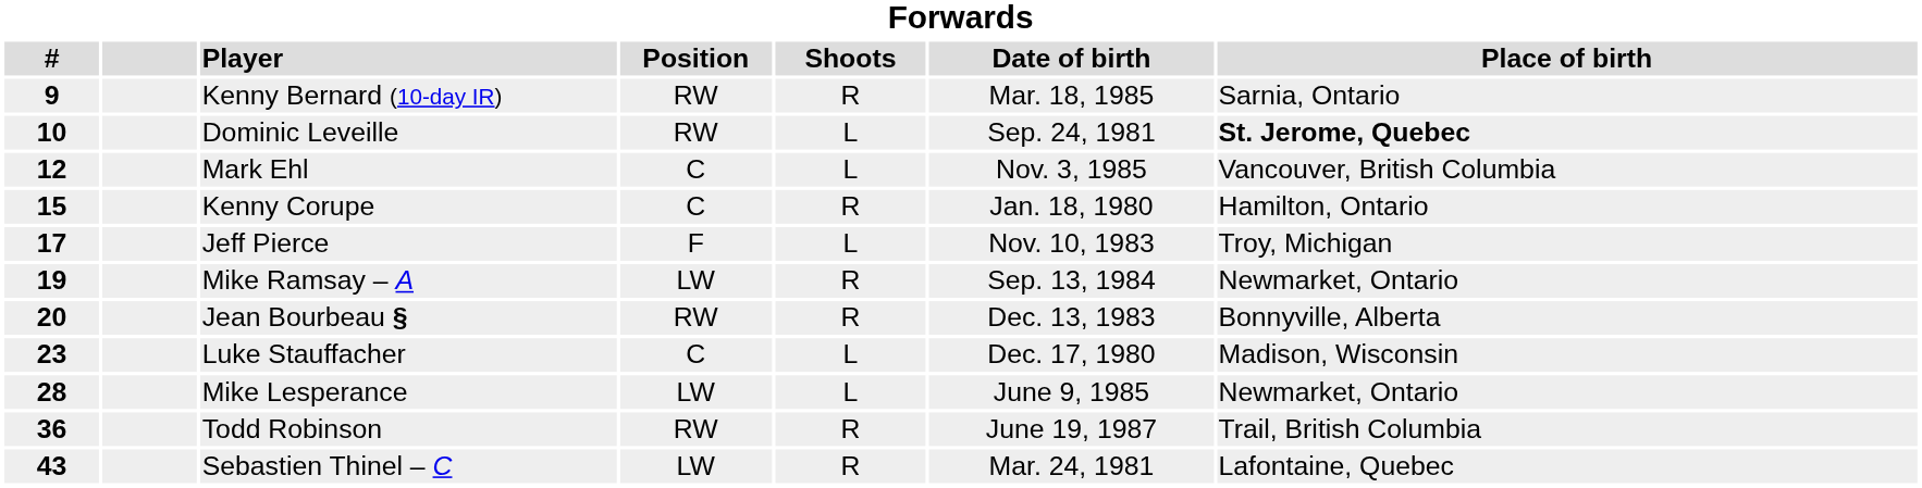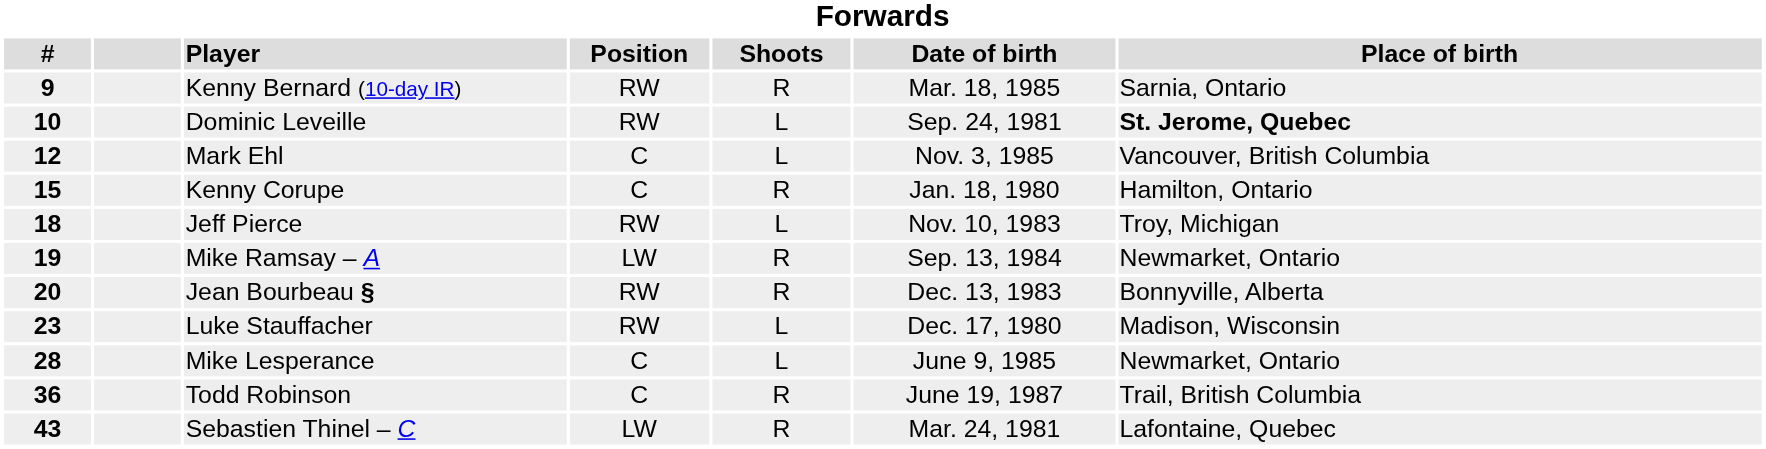 <table width=90%>
 <tr>
 <th colspan=7><div><big>Forwards</big></div></th>
 </tr>
 <tr bgcolor="#dddddd">
 <th width=5%>#</th>
 <th width=5%></th>
 <td align=left!!width=15%><strong>Player</strong></td>
 <th width=8%>Position</th>
 <th width=8%>Shoots</th>
 <th width=15%>Date of birth</th>
 <th width=37%>Place of birth<br> </th>
 </tr>
 <tr bgcolor="#eeeeee">
 <td align=center><strong>9</strong></td>
 <td align=center></td>
 <td>Kenny Bernard   <small>(<a href='#'>10-day IR</a>)</small></td>
 <td align=center>RW</td>
 <td align=center>R</td>
 <td align=center>Mar. 18, 1985</td>
 <td>Sarnia, Ontario<br></td>
 </tr>
 <tr bgcolor="#eeeeee">
 <td align=center><strong>10</strong></td>
 <td align=center></td>
 <td>Dominic Leveille</td>
 <td align=center>RW</td>
 <td align=center>L</td>
 <td align=center>Sep. 24, 1981</td>
 <td><strong>St. Jerome, Quebec<br></strong></td>
 </tr>
 <tr bgcolor="#eeeeee">
 <td align=center><strong>12</strong></td>
 <td align=center></td>
 <td>Mark Ehl</td>
 <td align=center>C</td>
 <td align=center>L</td>
 <td align=center>Nov. 3, 1985</td>
 <td>Vancouver, British Columbia<br> </td>
 </tr>
 <tr bgcolor="#eeeeee">
 <td align=center><strong>15</strong></td>
 <td align=center></td>
 <td>Kenny Corupe</td>
 <td align=center>C</td>
 <td align=center>R</td>
 <td align=center>Jan. 18, 1980</td>
 <td>Hamilton, Ontario<br>  </td>
 </tr>
 <tr bgcolor="#eeeeee">
-<td align=center><strong>17</strong></td>
+<td align=center><strong>18</strong></td>
 <td align=center></td>
 <td>Jeff Pierce</td>
-<td align=center>F</td>
+<td align=center>RW</td>
 <td align=center>L</td>
 <td align=center>Nov. 10, 1983</td>
 <td>Troy, Michigan<br> </td>
 </tr>
 <tr bgcolor="#eeeeee">
 <td align=center><strong>19</strong></td>
 <td align=center></td>
 <td>Mike Ramsay – <em><a href='#'>A</a></em></td>
 <td align=center>LW</td>
 <td align=center>R</td>
 <td align=center>Sep. 13, 1984</td>
 <td>Newmarket, Ontario<br></td>
 </tr>
 <tr bgcolor="#eeeeee">
 <td align=center><strong>20</strong></td>
 <td align=center></td>
 <td>Jean Bourbeau <strong>§</strong></td>
 <td align=center>RW</td>
 <td align=center>R</td>
 <td align=center>Dec. 13, 1983</td>
 <td>Bonnyville, Alberta<br></td>
 </tr>
 <tr bgcolor="#eeeeee">
 <td align=center><strong>23</strong></td>
 <td align=center></td>
 <td>Luke Stauffacher</td>
-<td align=center>C</td>
+<td align=center>RW</td>
 <td align=center>L</td>
 <td align=center>Dec. 17, 1980</td>
 <td>Madison, Wisconsin<br>   </td>
 </tr>
 <tr bgcolor="#eeeeee">
 <td align=center><strong>28</strong></td>
 <td align=center></td>
 <td>Mike Lesperance</td>
-<td align=center>LW</td>
+<td align=center>C</td>
 <td align=center>L</td>
 <td align=center>June 9, 1985</td>
 <td>Newmarket, Ontario<br></td>
 </tr>
 <tr bgcolor="#eeeeee">
 <td align=center><strong>36</strong></td>
 <td align=center></td>
 <td>Todd Robinson</td>
-<td align=center>RW</td>
+<td align=center>C</td>
 <td align=center>R</td>
 <td align=center>June 19, 1987</td>
 <td>Trail, British Columbia<br></td>
 </tr>
 <tr bgcolor="#eeeeee">
 <td align=center><strong>43</strong></td>
 <td align=center></td>
 <td>Sebastien Thinel – <em><a href='#'>C</a></em> </td>
 <td align=center>LW</td>
 <td align=center>R</td>
 <td align=center>Mar. 24, 1981</td>
 <td>Lafontaine, Quebec</td>
 </tr>
 </table>
